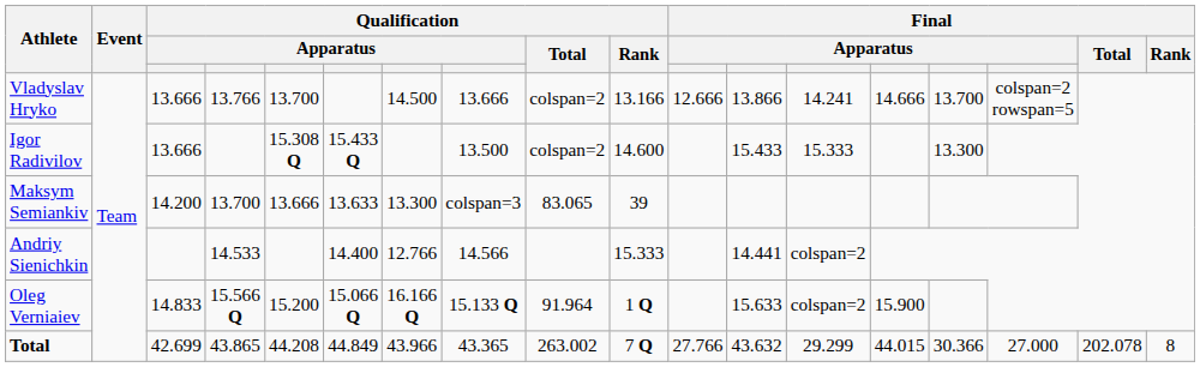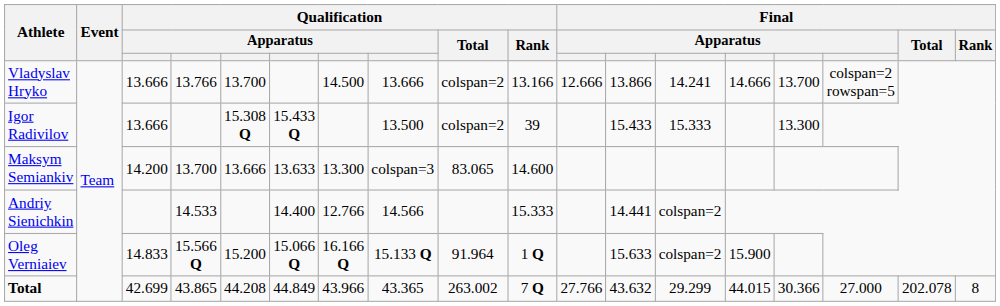 <table class="wikitable" style="font-size:90%">
 <tr>
 <th rowspan=3>Athlete</th>
 <th rowspan=3>Event</th>
 <th colspan =8>Qualification</th>
 <th colspan =8>Final</th>
 </tr>
 <tr style="font-size:95%">
 <th colspan=6>Apparatus</th>
 <th rowspan=2>Total</th>
 <th rowspan=2>Rank</th>
 <th colspan=6>Apparatus</th>
 <th rowspan=2>Total</th>
 <th rowspan=2>Rank</th>
 </tr>
 <tr style="font-size:95%">
 <th></th>
 <th></th>
 <th></th>
 <th></th>
 <th></th>
 <th></th>
 <th></th>
 <th></th>
 <th></th>
 <th></th>
 <th></th>
 <th></th>
 </tr>
 <tr align=center>
 <td align=left><a href='#'>Vladyslav Hryko</a></td>
 <td align=left rowspan=6><a href='#'>Team</a></td>
 <td>13.666</td>
 <td>13.766</td>
 <td>13.700</td>
 <td></td>
 <td>14.500</td>
 <td>13.666</td>
 <td>colspan=2 </td>
 <td>13.166</td>
 <td>12.666</td>
 <td>13.866</td>
 <td>14.241</td>
 <td>14.666</td>
 <td>13.700</td>
 <td>colspan=2 rowspan=5 </td>
 </tr>
 <tr align=center>
 <td align=left><a href='#'>Igor Radivilov</a></td>
 <td>13.666</td>
 <td></td>
 <td>15.308 <strong>Q</strong></td>
 <td>15.433 <strong>Q</strong></td>
 <td></td>
 <td>13.500</td>
 <td>colspan=2 </td>
-<td>14.600</td>
+<td>39</td>
 <td></td>
 <td>15.433</td>
 <td>15.333</td>
 <td></td>
 <td>13.300</td>
 </tr>
 <tr align=center>
 <td align=left><a href='#'>Maksym Semiankiv</a></td>
 <td>14.200</td>
 <td>13.700</td>
 <td>13.666</td>
 <td>13.633</td>
 <td>13.300</td>
 <td>colspan=3 </td>
 <td>83.065</td>
-<td>39</td>
+<td>14.600</td>
 <td></td>
 <td></td>
 <td></td>
 <td></td>
 <td colspan=2></td>
 </tr>
 <tr align=center>
 <td align=left><a href='#'>Andriy Sienichkin</a></td>
 <td></td>
 <td>14.533</td>
 <td></td>
 <td>14.400</td>
 <td>12.766</td>
 <td>14.566</td>
 <td></td>
 <td>15.333</td>
 <td></td>
 <td>14.441</td>
 <td>colspan=2 </td>
 </tr>
 <tr align=center>
 <td align=left><a href='#'>Oleg Verniaiev</a></td>
 <td>14.833</td>
 <td>15.566 <strong>Q</strong></td>
 <td>15.200</td>
 <td>15.066 <strong>Q</strong></td>
 <td>16.166 <strong>Q</strong></td>
 <td>15.133 <strong>Q</strong></td>
 <td>91.964</td>
 <td>1 <strong>Q</strong></td>
 <td></td>
 <td>15.633</td>
 <td>colspan=2 </td>
 <td>15.900</td>
 <td></td>
 </tr>
 <tr align=center>
 <td align=left><strong>Total</strong></td>
 <td>42.699</td>
 <td>43.865</td>
 <td>44.208</td>
 <td>44.849</td>
 <td>43.966</td>
 <td>43.365</td>
 <td>263.002</td>
 <td>7 <strong>Q</strong></td>
 <td>27.766</td>
 <td>43.632</td>
 <td>29.299</td>
 <td>44.015</td>
 <td>30.366</td>
 <td>27.000</td>
 <td>202.078</td>
 <td>8</td>
 </tr>
 </table>
